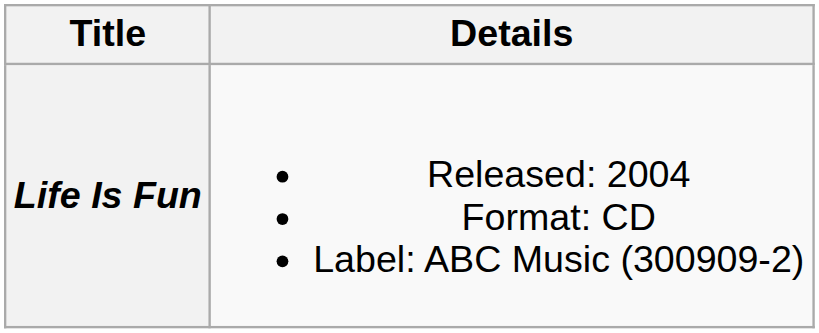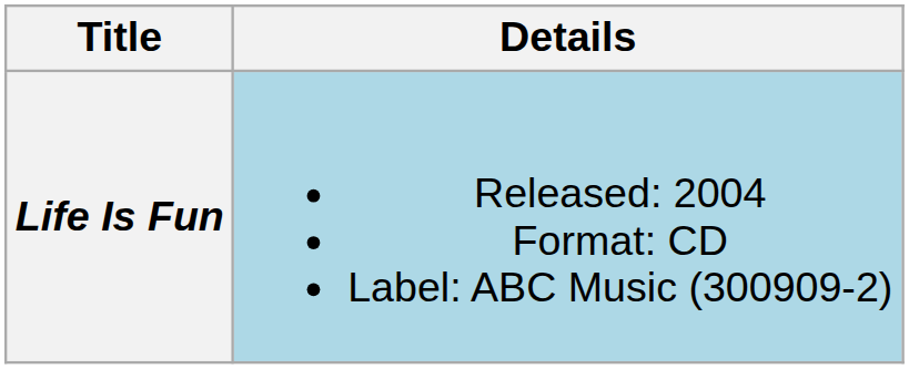 <table class="wikitable plainrowheaders" style="text-align:center;" border="1">
 <tr>
 <th>Title</th>
 <th>Details</th>
 </tr>
 <tr>
 <th scope="row"><em>Life Is Fun</em></th>
-<td><br><ul><li>Released: 2004</li><li>Format: CD</li><li>Label: ABC Music (300909-2)</li></ul></td>
+<td style="background: lightblue;"><br><ul><li>Released: 2004</li><li>Format: CD</li><li>Label: ABC Music (300909-2)</li></ul></td>
 </tr>
 </table>
